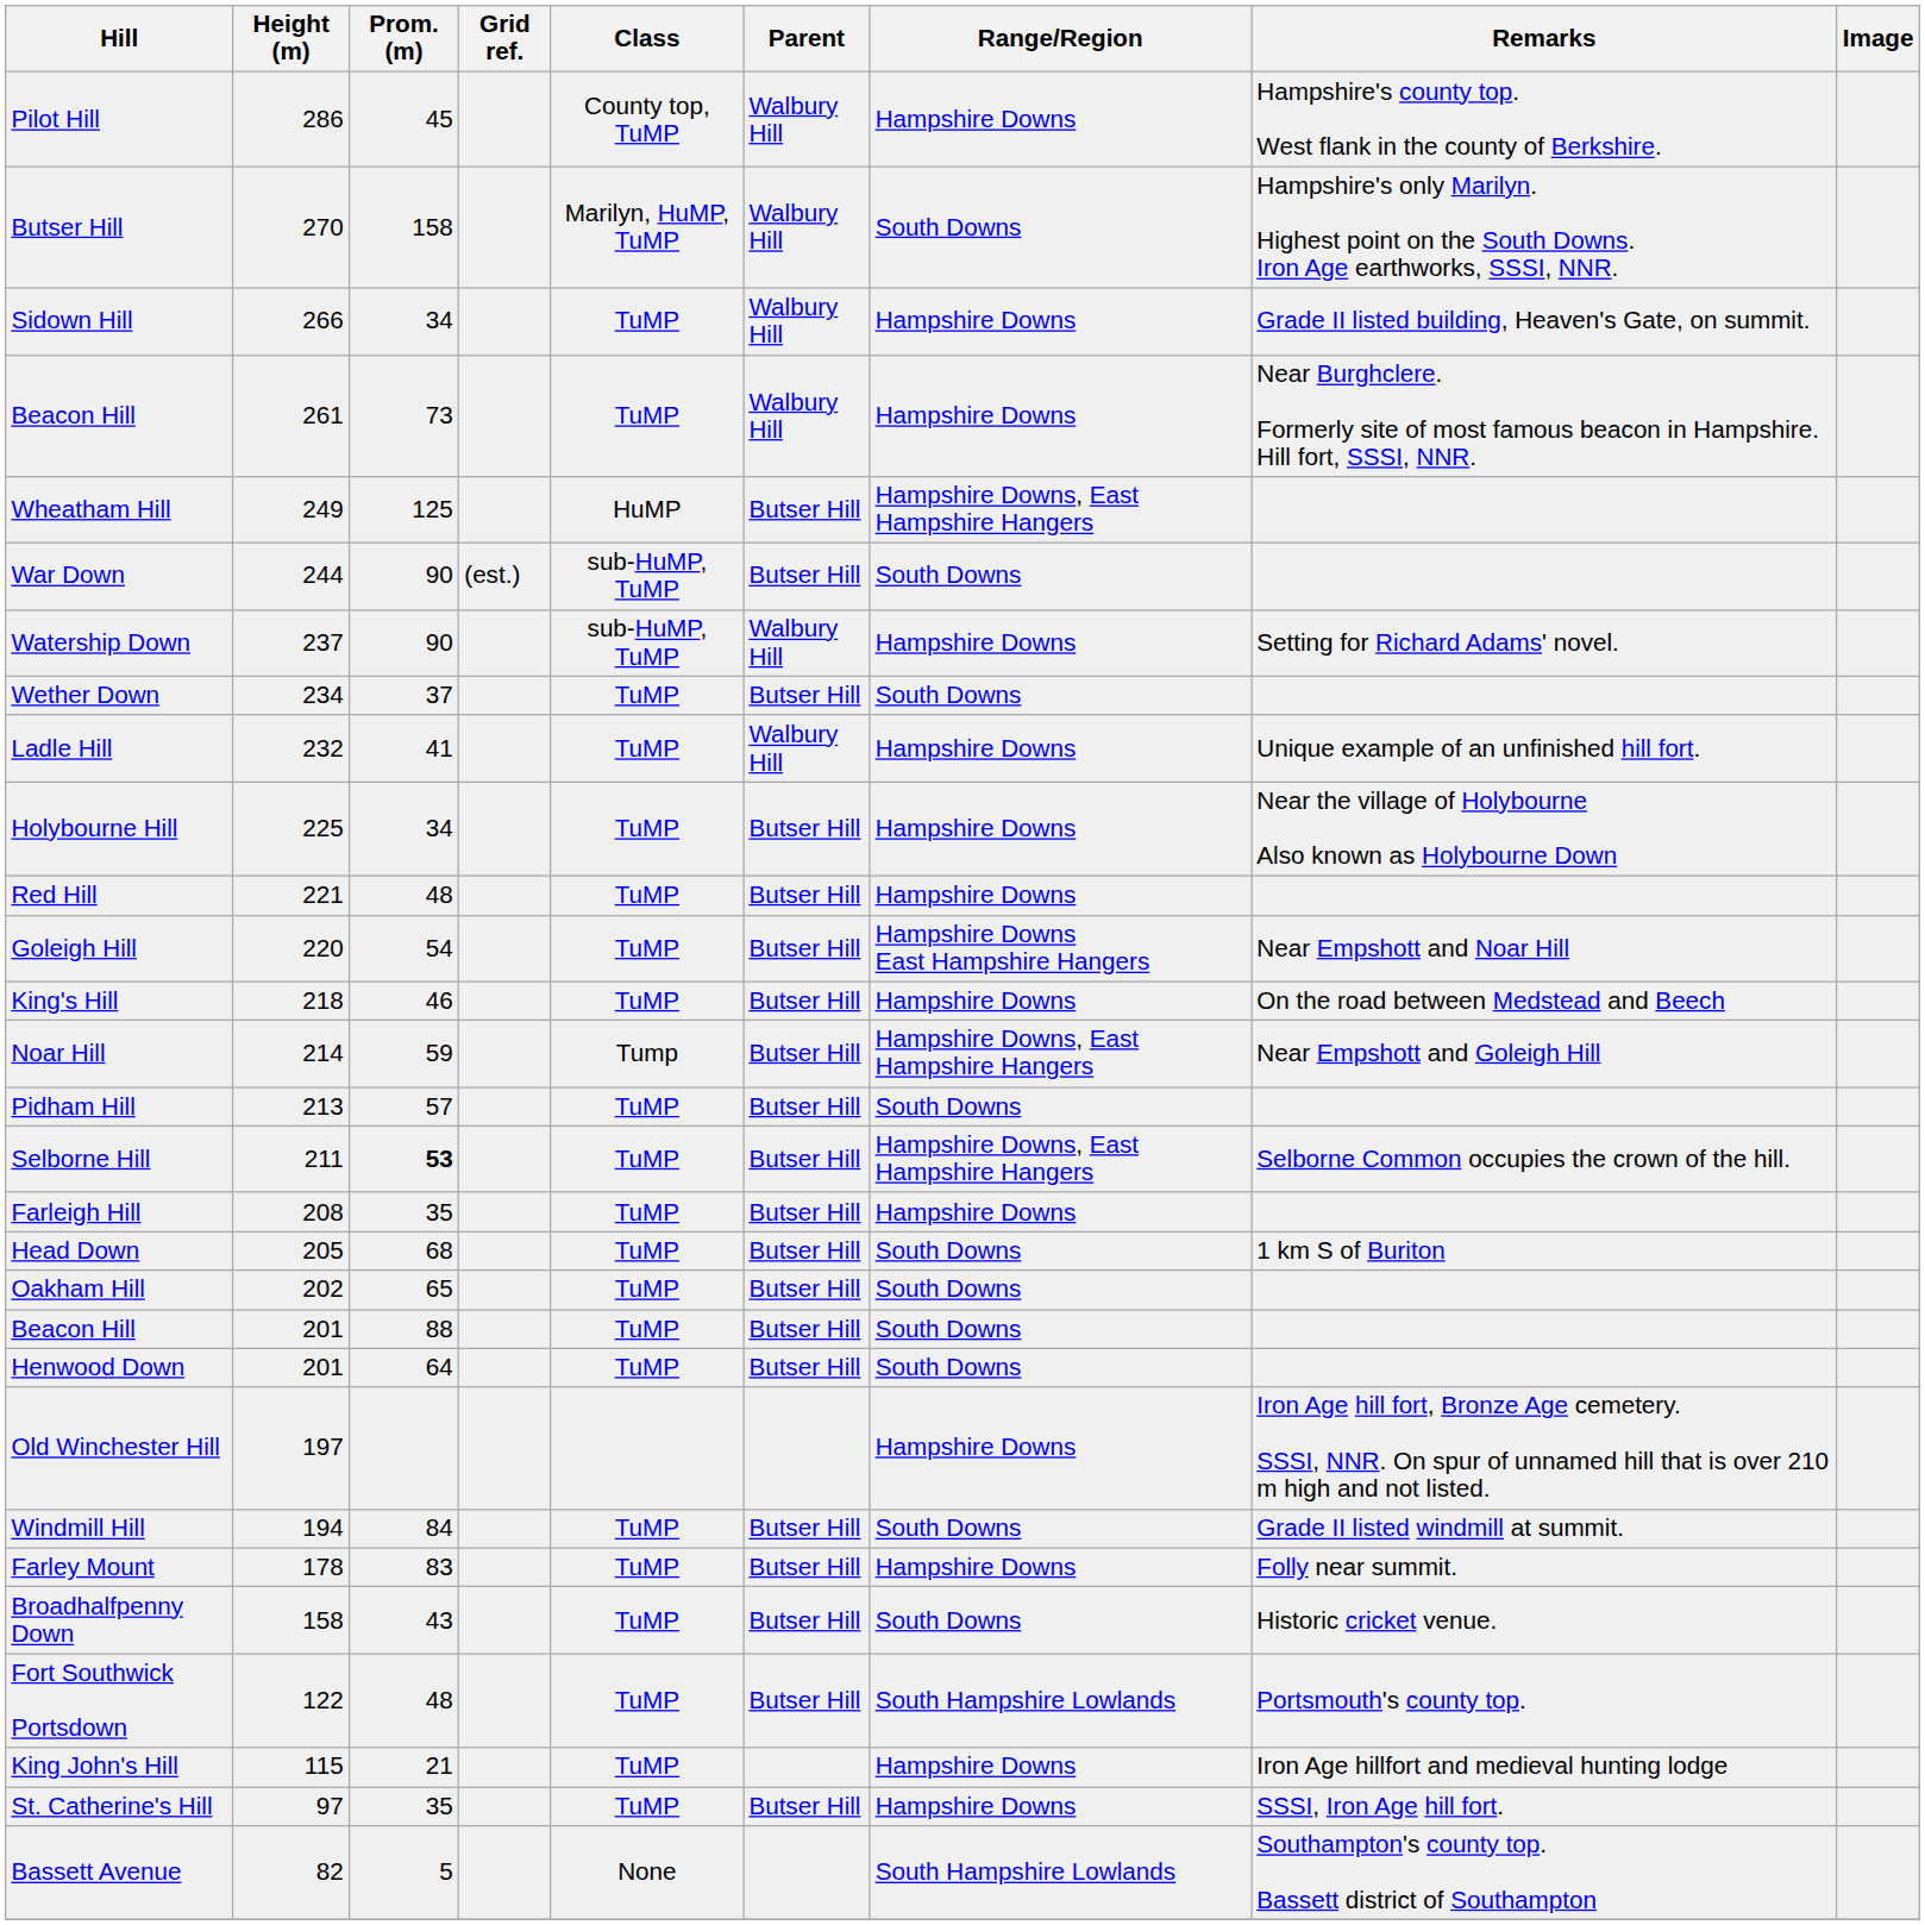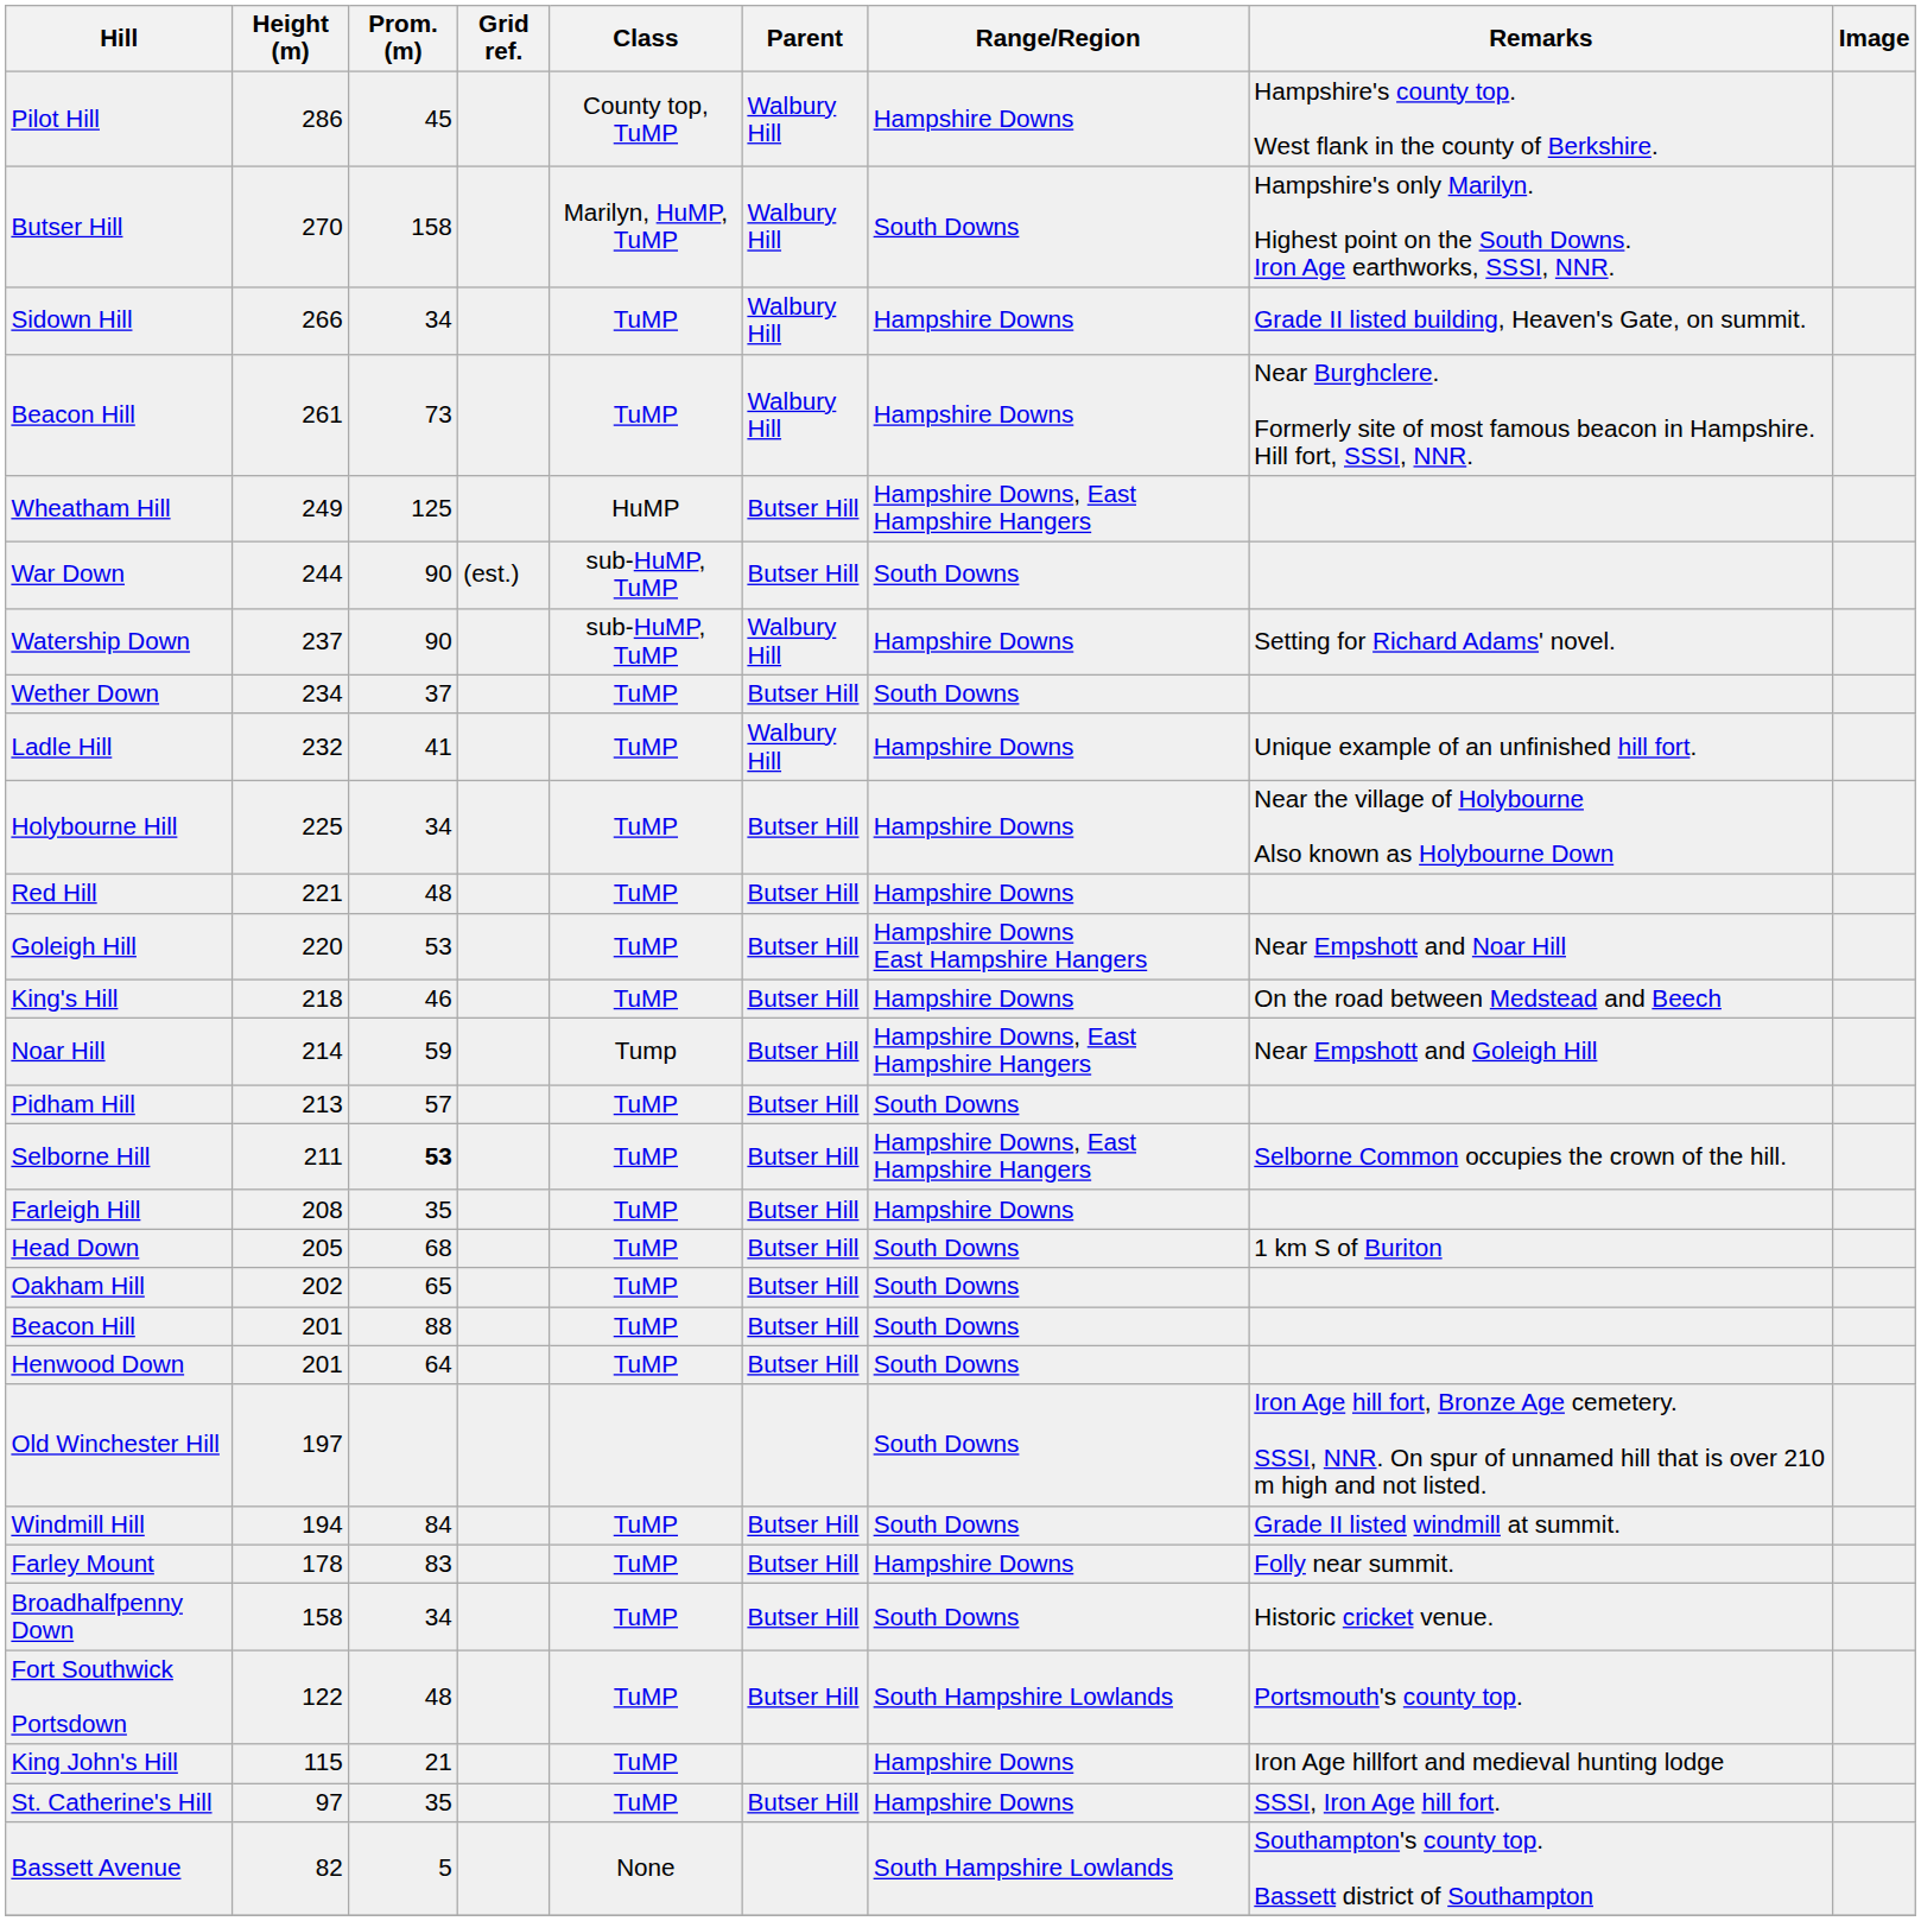 <table class="wikitable sortable" style="border-collapse: collapse; background:#f0f0f0;":#f0f0f0;">
 <tr>
 <th>Hill</th>
 <th>Height (m)</th>
 <th>Prom. (m)</th>
 <th>Grid ref.</th>
 <th>Class</th>
 <th>Parent</th>
 <th>Range/Region</th>
 <th class="unsortable">Remarks</th>
 <th class="unsortable">Image</th>
 </tr>
 <tr>
 <td><a href='#'>Pilot Hill</a></td>
 <td align=right>286</td>
 <td align=right>45</td>
 <td></td>
 <td align=center>County top, <a href='#'>TuMP</a></td>
 <td><a href='#'>Walbury Hill</a></td>
 <td><a href='#'>Hampshire Downs</a></td>
 <td>Hampshire's <a href='#'>county top</a>.<br><br>West flank in the county of <a href='#'>Berkshire</a>.</td>
 <td></td>
 </tr>
 <tr>
 <td><a href='#'>Butser Hill</a></td>
 <td align=right>270</td>
 <td align=right>158</td>
 <td></td>
 <td align=center>Marilyn, <a href='#'>HuMP</a>, <a href='#'>TuMP</a></td>
 <td><a href='#'>Walbury Hill</a></td>
 <td><a href='#'>South Downs</a></td>
 <td>Hampshire's only <a href='#'>Marilyn</a>.<br><br>Highest point on the <a href='#'>South Downs</a>.<br> <a href='#'>Iron Age</a> earthworks, <a href='#'>SSSI</a>, <a href='#'>NNR</a>.</td>
 <td></td>
 </tr>
 <tr>
 <td><a href='#'>Sidown Hill</a></td>
 <td align=right>266</td>
 <td align=right>34</td>
 <td></td>
 <td align=center><a href='#'>TuMP</a></td>
 <td><a href='#'>Walbury Hill</a></td>
 <td><a href='#'>Hampshire Downs</a></td>
 <td><a href='#'>Grade II listed building</a>, Heaven's Gate, on summit.</td>
 <td></td>
 </tr>
 <tr>
 <td><a href='#'>Beacon Hill</a></td>
 <td align=right>261</td>
 <td align=right>73</td>
 <td></td>
 <td align=center><a href='#'>TuMP</a></td>
 <td><a href='#'>Walbury Hill</a></td>
 <td><a href='#'>Hampshire Downs</a></td>
 <td>Near <a href='#'>Burghclere</a>. <br><br>Formerly site of most famous beacon in Hampshire.<br> Hill fort, <a href='#'>SSSI</a>, <a href='#'>NNR</a>.</td>
 <td></td>
 </tr>
 <tr>
 <td><a href='#'>Wheatham Hill</a></td>
 <td align=right>249</td>
 <td align=right>125</td>
 <td></td>
 <td align=center>HuMP</td>
 <td><a href='#'>Butser Hill</a></td>
 <td><a href='#'>Hampshire Downs</a>, <a href='#'>East Hampshire Hangers</a></td>
 <td></td>
 <td></td>
 </tr>
 <tr>
 <td><a href='#'>War Down</a></td>
 <td align=right>244</td>
 <td align=right>90</td>
 <td> (est.)</td>
 <td align=center>sub-<a href='#'>HuMP</a>, <a href='#'>TuMP</a></td>
 <td><a href='#'>Butser Hill</a></td>
 <td><a href='#'>South Downs</a></td>
 <td></td>
 <td></td>
 </tr>
 <tr>
 <td><a href='#'>Watership Down</a></td>
 <td align=right>237</td>
 <td align=right>90</td>
 <td></td>
 <td align=center>sub-<a href='#'>HuMP</a>, <a href='#'>TuMP</a></td>
 <td><a href='#'>Walbury Hill</a></td>
 <td><a href='#'>Hampshire Downs</a></td>
 <td>Setting for <a href='#'>Richard Adams</a>' novel.</td>
 <td></td>
 </tr>
 <tr>
 <td><a href='#'>Wether Down</a></td>
 <td align=right>234</td>
 <td align=right>37</td>
 <td></td>
 <td align=center><a href='#'>TuMP</a></td>
 <td><a href='#'>Butser Hill</a></td>
 <td><a href='#'>South Downs</a></td>
 <td></td>
 <td></td>
 </tr>
 <tr>
 <td><a href='#'>Ladle Hill</a></td>
 <td align=right>232</td>
 <td align=right>41</td>
 <td></td>
 <td align=center><a href='#'>TuMP</a></td>
 <td><a href='#'>Walbury Hill</a></td>
 <td><a href='#'>Hampshire Downs</a></td>
 <td>Unique example of an unfinished <a href='#'>hill fort</a>.</td>
 <td></td>
 </tr>
 <tr>
 <td><a href='#'>Holybourne Hill</a></td>
 <td align=right>225</td>
 <td align=right>34</td>
 <td></td>
 <td align=center><a href='#'>TuMP</a></td>
 <td><a href='#'>Butser Hill</a></td>
 <td><a href='#'>Hampshire Downs</a></td>
 <td>Near the village of <a href='#'>Holybourne</a><br><br>Also known as <a href='#'>Holybourne Down</a></td>
 <td></td>
 </tr>
 <tr>
 <td><a href='#'>Red Hill</a></td>
 <td align=right>221</td>
 <td align=right>48</td>
 <td></td>
 <td align=center><a href='#'>TuMP</a></td>
 <td><a href='#'>Butser Hill</a></td>
 <td><a href='#'>Hampshire Downs</a></td>
 <td></td>
 <td></td>
 </tr>
 <tr>
 <td><a href='#'>Goleigh Hill</a></td>
 <td align=right>220</td>
-<td align=right>54</td>
+<td align=right>53</td>
 <td></td>
 <td align=center><a href='#'>TuMP</a></td>
 <td><a href='#'>Butser Hill</a></td>
 <td><a href='#'>Hampshire Downs</a><br> <a href='#'>East Hampshire Hangers</a></td>
 <td>Near <a href='#'>Empshott</a> and <a href='#'>Noar Hill</a></td>
 <td></td>
 </tr>
 <tr>
 <td><a href='#'>King's Hill</a></td>
 <td align=right>218</td>
 <td align=right>46</td>
 <td></td>
 <td align=center><a href='#'>TuMP</a></td>
 <td><a href='#'>Butser Hill</a></td>
 <td><a href='#'>Hampshire Downs</a></td>
 <td>On the road between <a href='#'>Medstead</a> and <a href='#'>Beech</a></td>
 <td></td>
 </tr>
 <tr>
 <td><a href='#'>Noar Hill</a></td>
 <td align=right>214</td>
 <td align=right>59</td>
 <td></td>
 <td align=center>Tump</td>
 <td><a href='#'>Butser Hill</a></td>
 <td><a href='#'>Hampshire Downs</a>, <a href='#'>East Hampshire Hangers</a></td>
 <td>Near <a href='#'>Empshott</a> and <a href='#'>Goleigh Hill</a></td>
 <td></td>
 </tr>
 <tr>
 <td><a href='#'>Pidham Hill</a></td>
 <td align=right>213</td>
 <td align=right>57</td>
 <td></td>
 <td align=center><a href='#'>TuMP</a></td>
 <td><a href='#'>Butser Hill</a></td>
 <td><a href='#'>South Downs</a></td>
 <td></td>
 <td></td>
 </tr>
 <tr>
 <td><a href='#'>Selborne Hill</a></td>
 <td align=right>211</td>
 <td align=right><strong>53</strong></td>
 <td></td>
 <td align=center><a href='#'>TuMP</a></td>
 <td><a href='#'>Butser Hill</a></td>
 <td><a href='#'>Hampshire Downs</a>, <a href='#'>East Hampshire Hangers</a></td>
 <td><a href='#'>Selborne Common</a> occupies the crown of the hill.</td>
 <td></td>
 </tr>
 <tr>
 <td><a href='#'>Farleigh Hill</a></td>
 <td align=right>208</td>
 <td align=right>35</td>
 <td></td>
 <td align=center><a href='#'>TuMP</a></td>
 <td><a href='#'>Butser Hill</a></td>
 <td><a href='#'>Hampshire Downs</a></td>
 <td></td>
 <td></td>
 </tr>
 <tr>
 <td><a href='#'>Head Down</a></td>
 <td align=right>205</td>
 <td align=right>68</td>
 <td></td>
 <td align=center><a href='#'>TuMP</a></td>
 <td><a href='#'>Butser Hill</a></td>
 <td><a href='#'>South Downs</a></td>
 <td>1 km S of <a href='#'>Buriton</a></td>
 <td></td>
 </tr>
 <tr>
 <td><a href='#'>Oakham Hill</a></td>
 <td align=right>202</td>
 <td align=right>65</td>
 <td></td>
 <td align=center><a href='#'>TuMP</a></td>
 <td><a href='#'>Butser Hill</a></td>
 <td><a href='#'>South Downs</a></td>
 <td></td>
 <td></td>
 </tr>
 <tr>
 <td><a href='#'>Beacon Hill</a></td>
 <td align=right>201</td>
 <td align=right>88</td>
 <td></td>
 <td align=center><a href='#'>TuMP</a></td>
 <td><a href='#'>Butser Hill</a></td>
 <td><a href='#'>South Downs</a></td>
 <td></td>
 <td></td>
 </tr>
 <tr>
 <td><a href='#'>Henwood Down</a></td>
 <td align=right>201</td>
 <td align=right>64</td>
 <td></td>
 <td align=center><a href='#'>TuMP</a></td>
 <td><a href='#'>Butser Hill</a></td>
 <td><a href='#'>South Downs</a></td>
 <td></td>
 <td></td>
 </tr>
 <tr>
 <td><a href='#'>Old Winchester Hill</a></td>
 <td align=right>197</td>
 <td align=right></td>
 <td></td>
 <td align=center></td>
 <td></td>
-<td><a href='#'>Hampshire Downs</a></td>
+<td><a href='#'>South Downs</a></td>
 <td><a href='#'>Iron Age</a> <a href='#'>hill fort</a>, <a href='#'>Bronze Age</a> cemetery.<br><br><a href='#'>SSSI</a>, <a href='#'>NNR</a>. On spur of unnamed hill that is over 210 m high and not listed.</td>
 <td></td>
 </tr>
 <tr>
 <td><a href='#'>Windmill Hill</a></td>
 <td align=right>194</td>
 <td align=right>84</td>
 <td></td>
 <td align=center><a href='#'>TuMP</a></td>
 <td><a href='#'>Butser Hill</a></td>
 <td><a href='#'>South Downs</a></td>
 <td><a href='#'>Grade II listed</a> <a href='#'>windmill</a> at summit.</td>
 <td></td>
 </tr>
 <tr>
 <td><a href='#'>Farley Mount</a></td>
 <td align=right>178</td>
 <td align=right>83</td>
 <td></td>
 <td align=center><a href='#'>TuMP</a></td>
 <td><a href='#'>Butser Hill</a></td>
 <td><a href='#'>Hampshire Downs</a></td>
 <td><a href='#'>Folly</a> near summit.</td>
 <td></td>
 </tr>
 <tr>
 <td><a href='#'>Broadhalfpenny Down</a></td>
 <td align=right>158</td>
-<td align=right>43</td>
+<td align=right>34</td>
 <td></td>
 <td align=center><a href='#'>TuMP</a></td>
 <td><a href='#'>Butser Hill</a></td>
 <td><a href='#'>South Downs</a></td>
 <td>Historic <a href='#'>cricket</a> venue.</td>
 <td></td>
 </tr>
 <tr>
 <td><a href='#'>Fort Southwick</a><br><br><a href='#'>Portsdown</a></td>
 <td align=right>122</td>
 <td align=right>48</td>
 <td></td>
 <td align=center><a href='#'>TuMP</a></td>
 <td><a href='#'>Butser Hill</a></td>
 <td><a href='#'>South Hampshire Lowlands</a></td>
 <td><a href='#'>Portsmouth</a>'s <a href='#'>county top</a>.</td>
 <td></td>
 </tr>
 <tr>
 <td><a href='#'>King John's Hill</a></td>
 <td align=right>115</td>
 <td align=right>21</td>
 <td></td>
 <td align=center><a href='#'>TuMP</a></td>
 <td></td>
 <td><a href='#'>Hampshire Downs</a></td>
 <td>Iron Age hillfort and medieval hunting lodge</td>
 <td></td>
 </tr>
 <tr>
 <td><a href='#'>St. Catherine's Hill</a></td>
 <td align=right>97</td>
 <td align=right>35</td>
 <td></td>
 <td align=center><a href='#'>TuMP</a></td>
 <td><a href='#'>Butser Hill</a></td>
 <td><a href='#'>Hampshire Downs</a></td>
 <td><a href='#'>SSSI</a>, <a href='#'>Iron Age</a> <a href='#'>hill fort</a>.</td>
 <td></td>
 </tr>
 <tr>
 <td><a href='#'>Bassett Avenue</a></td>
 <td align=right>82</td>
 <td align=right>5</td>
 <td></td>
 <td align=center>None</td>
 <td></td>
 <td><a href='#'>South Hampshire Lowlands</a></td>
 <td><a href='#'>Southampton</a>'s <a href='#'>county top</a>.<br><br><a href='#'>Bassett</a> district of <a href='#'>Southampton</a></td>
 <td></td>
 </tr>
 <tr>
 </tr>
 </table>
